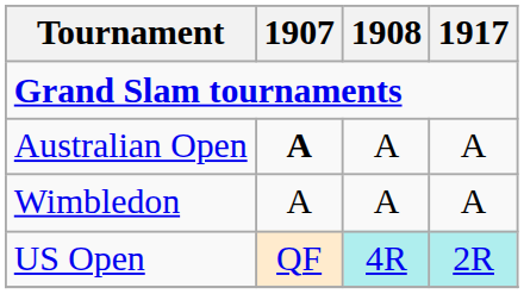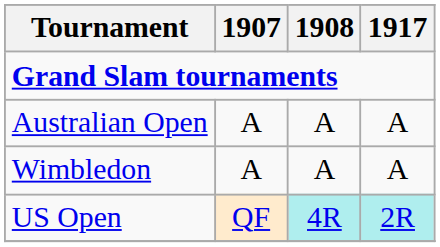 <table class=wikitable style=text-align:center>
 <tr>
 <th>Tournament</th>
 <th>1907</th>
 <th>1908</th>
 <th>1917</th>
 </tr>
 <tr>
 <td colspan=10 align=left><strong><a href='#'>Grand Slam tournaments</a></strong></td>
 </tr>
 <tr>
 <td align=left><a href='#'>Australian Open</a></td>
-<td><strong>A</strong></td>
+<td>A</td>
 <td>A</td>
 <td>A</td>
 </tr>
 <tr>
 <td align=left><a href='#'>Wimbledon</a></td>
 <td>A</td>
 <td>A</td>
 <td>A</td>
 </tr>
 <tr>
 <td align=left><a href='#'>US Open</a></td>
 <td bgcolor=ffebcd><a href='#'>QF</a></td>
 <td bgcolor=afeeee><a href='#'>4R</a></td>
 <td bgcolor=afeeee><a href='#'>2R</a></td>
 </tr>
 <tr>
 </tr>
 </table>
